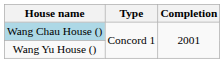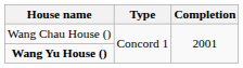 <table class="wikitable" style="text-align: center;">
 <tr>
 <th>House name</th>
 <th>Type</th>
 <th>Completion</th>
 </tr>
 <tr>
-<td style="background: lightblue;">Wang Chau House ()</td>
+<td>Wang Chau House ()</td>
 <td rowspan="2">Concord 1</td>
 <td rowspan="2">2001</td>
 </tr>
 <tr>
-<td>Wang Yu House ()</td>
+<td><strong>Wang Yu House ()</strong></td>
 </tr>
 </table>
